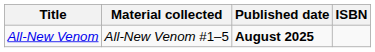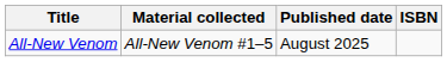 <table class="wikitable">
 <tr>
 <th>Title</th>
 <th>Material collected</th>
 <th>Published date</th>
 <th>ISBN</th>
 </tr>
 <tr>
 <td><em><a href='#'>All-New Venom</a></em></td>
 <td><em>All-New Venom</em> #1–5</td>
-<td><strong>August 2025</strong></td>
+<td>August 2025</td>
 <td></td>
 </tr>
 </table>
